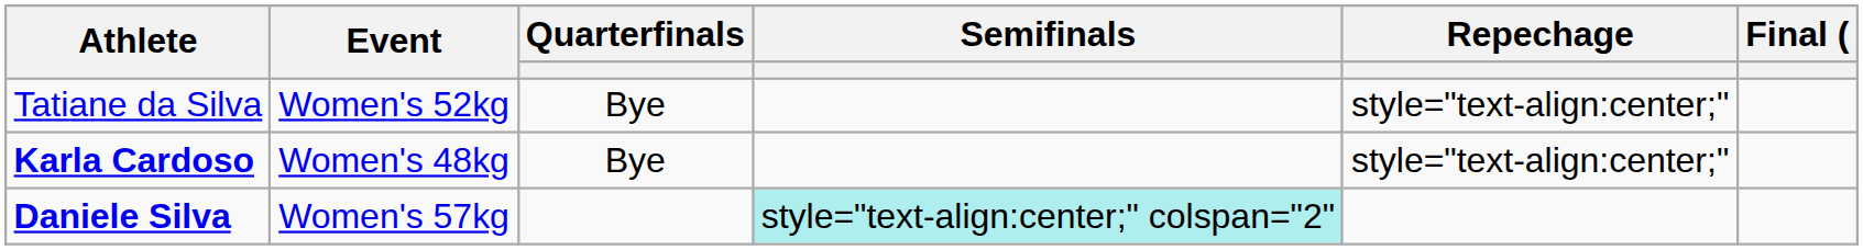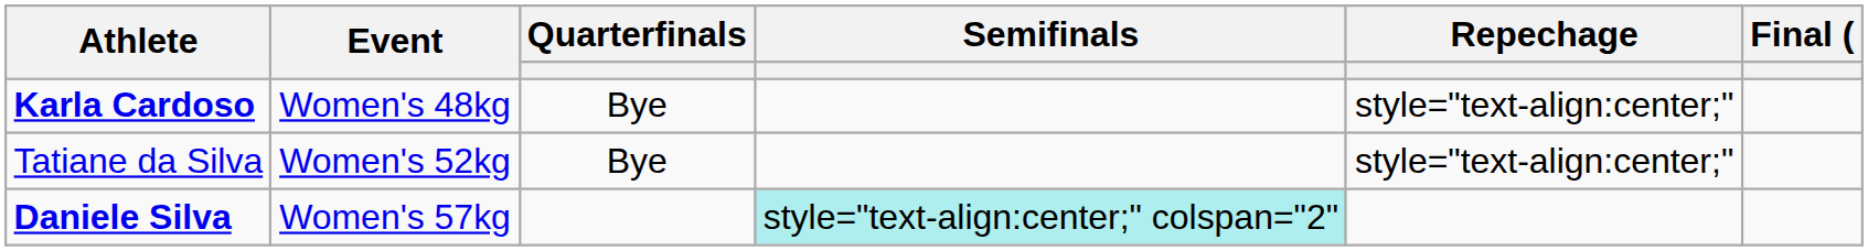 <table class=wikitable style="font-size:90%">
 <tr>
 <th rowspan="2">Athlete</th>
 <th rowspan="2">Event</th>
 <th>Quarterfinals</th>
 <th>Semifinals</th>
 <th>Repechage</th>
 <th>Final (</th>
 </tr>
 <tr>
 <th></th>
 <th></th>
 <th></th>
 <th></th>
 </tr>
 <tr>
+<td><strong><a href='#'>Karla Cardoso</a></strong></td>
+<td style="text-align:center;"><a href='#'>Women's 48kg</a></td>
+<td style="text-align:center;">Bye</td>
+<td style="text-align:center;"> </td>
+<td>style="text-align:center;" </td>
+<td style="text-align:center;">  </td>
+</tr>
+<tr>
 <td><a href='#'>Tatiane da Silva</a></td>
 <td style="text-align:center;"><a href='#'>Women's 52kg</a></td>
 <td style="text-align:center;">Bye</td>
 <td style="text-align:center;"> </td>
 <td>style="text-align:center;" </td>
 <td style="text-align:center;"> </td>
-</tr>
-<tr>
-<td><strong><a href='#'>Karla Cardoso</a></strong></td>
-<td style="text-align:center;"><a href='#'>Women's 48kg</a></td>
-<td style="text-align:center;">Bye</td>
-<td style="text-align:center;"> </td>
-<td>style="text-align:center;" </td>
-<td style="text-align:center;">  </td>
 </tr>
 <tr>
 <td><strong><a href='#'>Daniele Silva</a></strong></td>
 <td style="text-align:center;"><a href='#'>Women's 57kg</a></td>
 <td style="text-align:center;"> </td>
 <td style="background: paleturquoise;">style="text-align:center;" colspan="2" </td>
 <td style="text-align:center;">  </td>
 </tr>
 </table>
